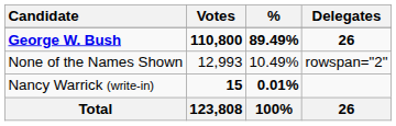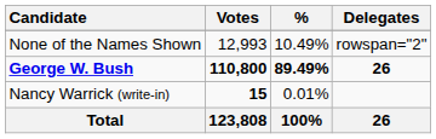 <table class="wikitable sortable plainrowheaders" style="text-align:right;">
 <tr>
 <th style="text-align:left;">Candidate</th>
 <th>Votes</th>
 <th>%</th>
 <th>Delegates</th>
 </tr>
 <tr>
 </tr>
 <tr>
+<td style="text-align:left;">None of the Names Shown</td>
+<td>12,993</td>
+<td>10.49%</td>
+<td>rowspan="2" </td>
+</tr>
+<tr>
 <td style="text-align:left;"><strong><a href='#'>George W. Bush</a></strong></td>
 <td><strong>110,800</strong></td>
 <td><strong>89.49%</strong></td>
 <td style="text-align:center;"><strong>26</strong></td>
 </tr>
 <tr>
-<td style="text-align:left;">None of the Names Shown</td>
-<td>12,993</td>
-<td>10.49%</td>
-<td>rowspan="2" </td>
-</tr>
-<tr>
 <td style="text-align:left;">Nancy Warrick <small>(write-in)</small></td>
 <td><strong>15</strong></td>
-<td><strong>0.01%</strong></td>
+<td>0.01%</td>
 </tr>
 <tr class="sortbottom">
 <th>Total</th>
 <th><strong>123,808</strong></th>
 <th>100%</th>
 <th>26</th>
 </tr>
 </table>
